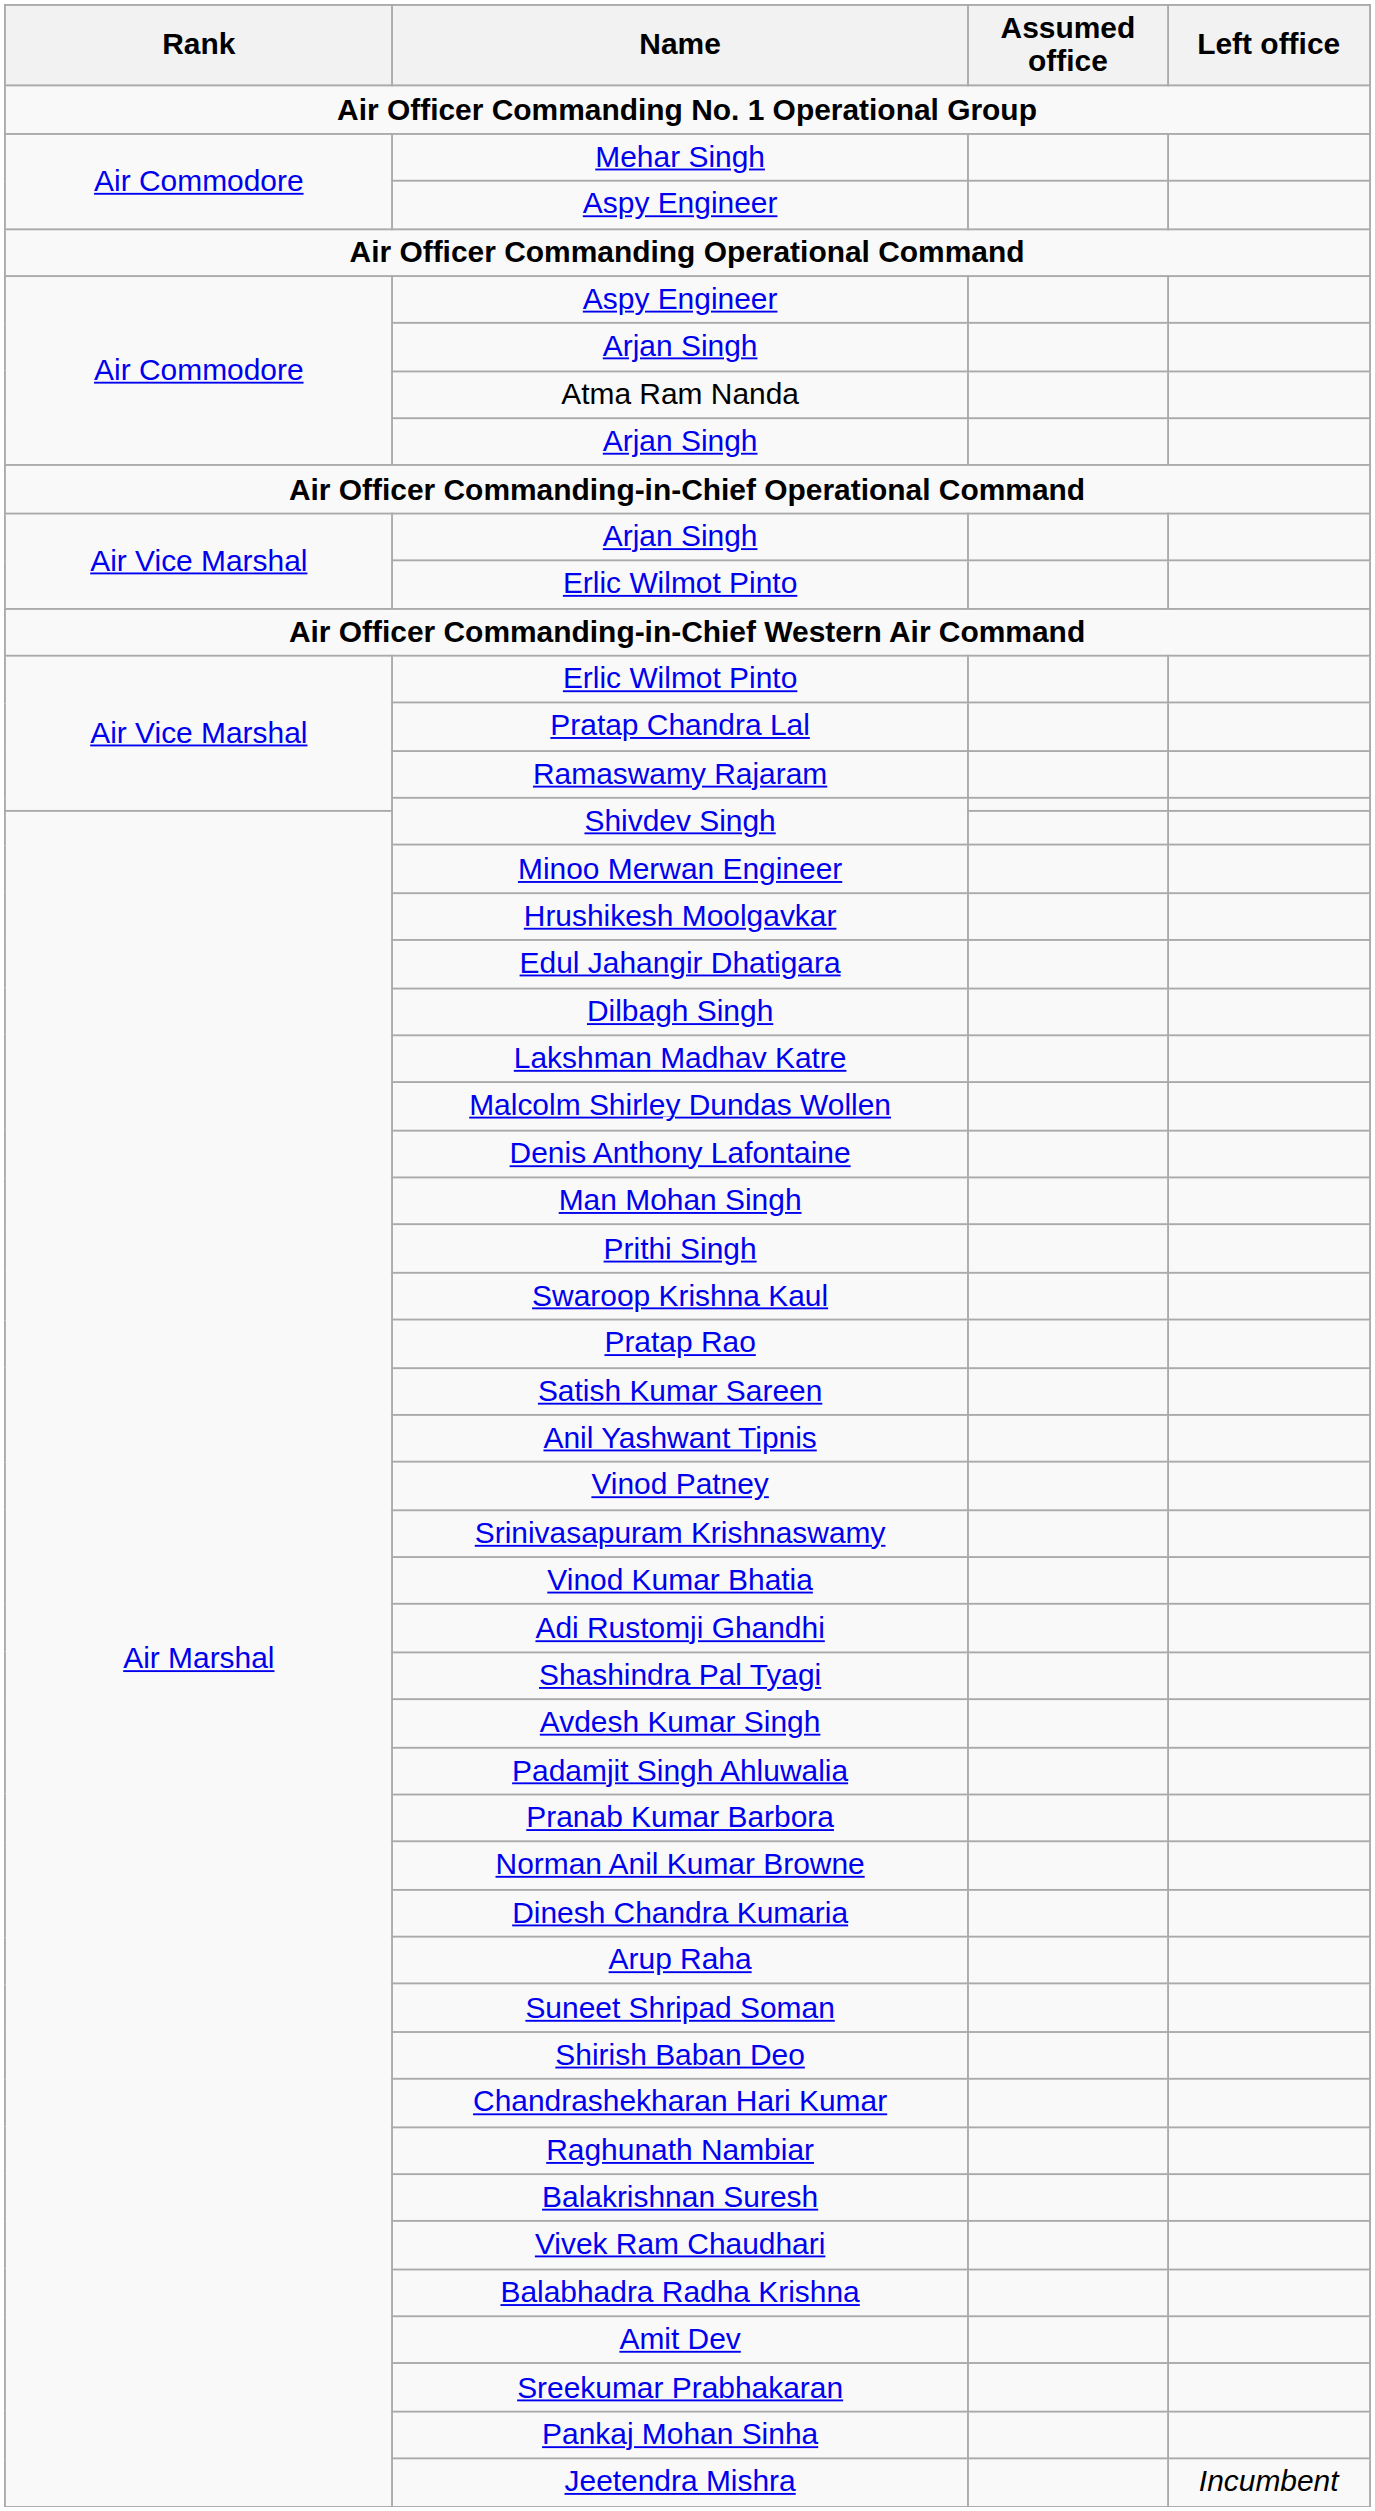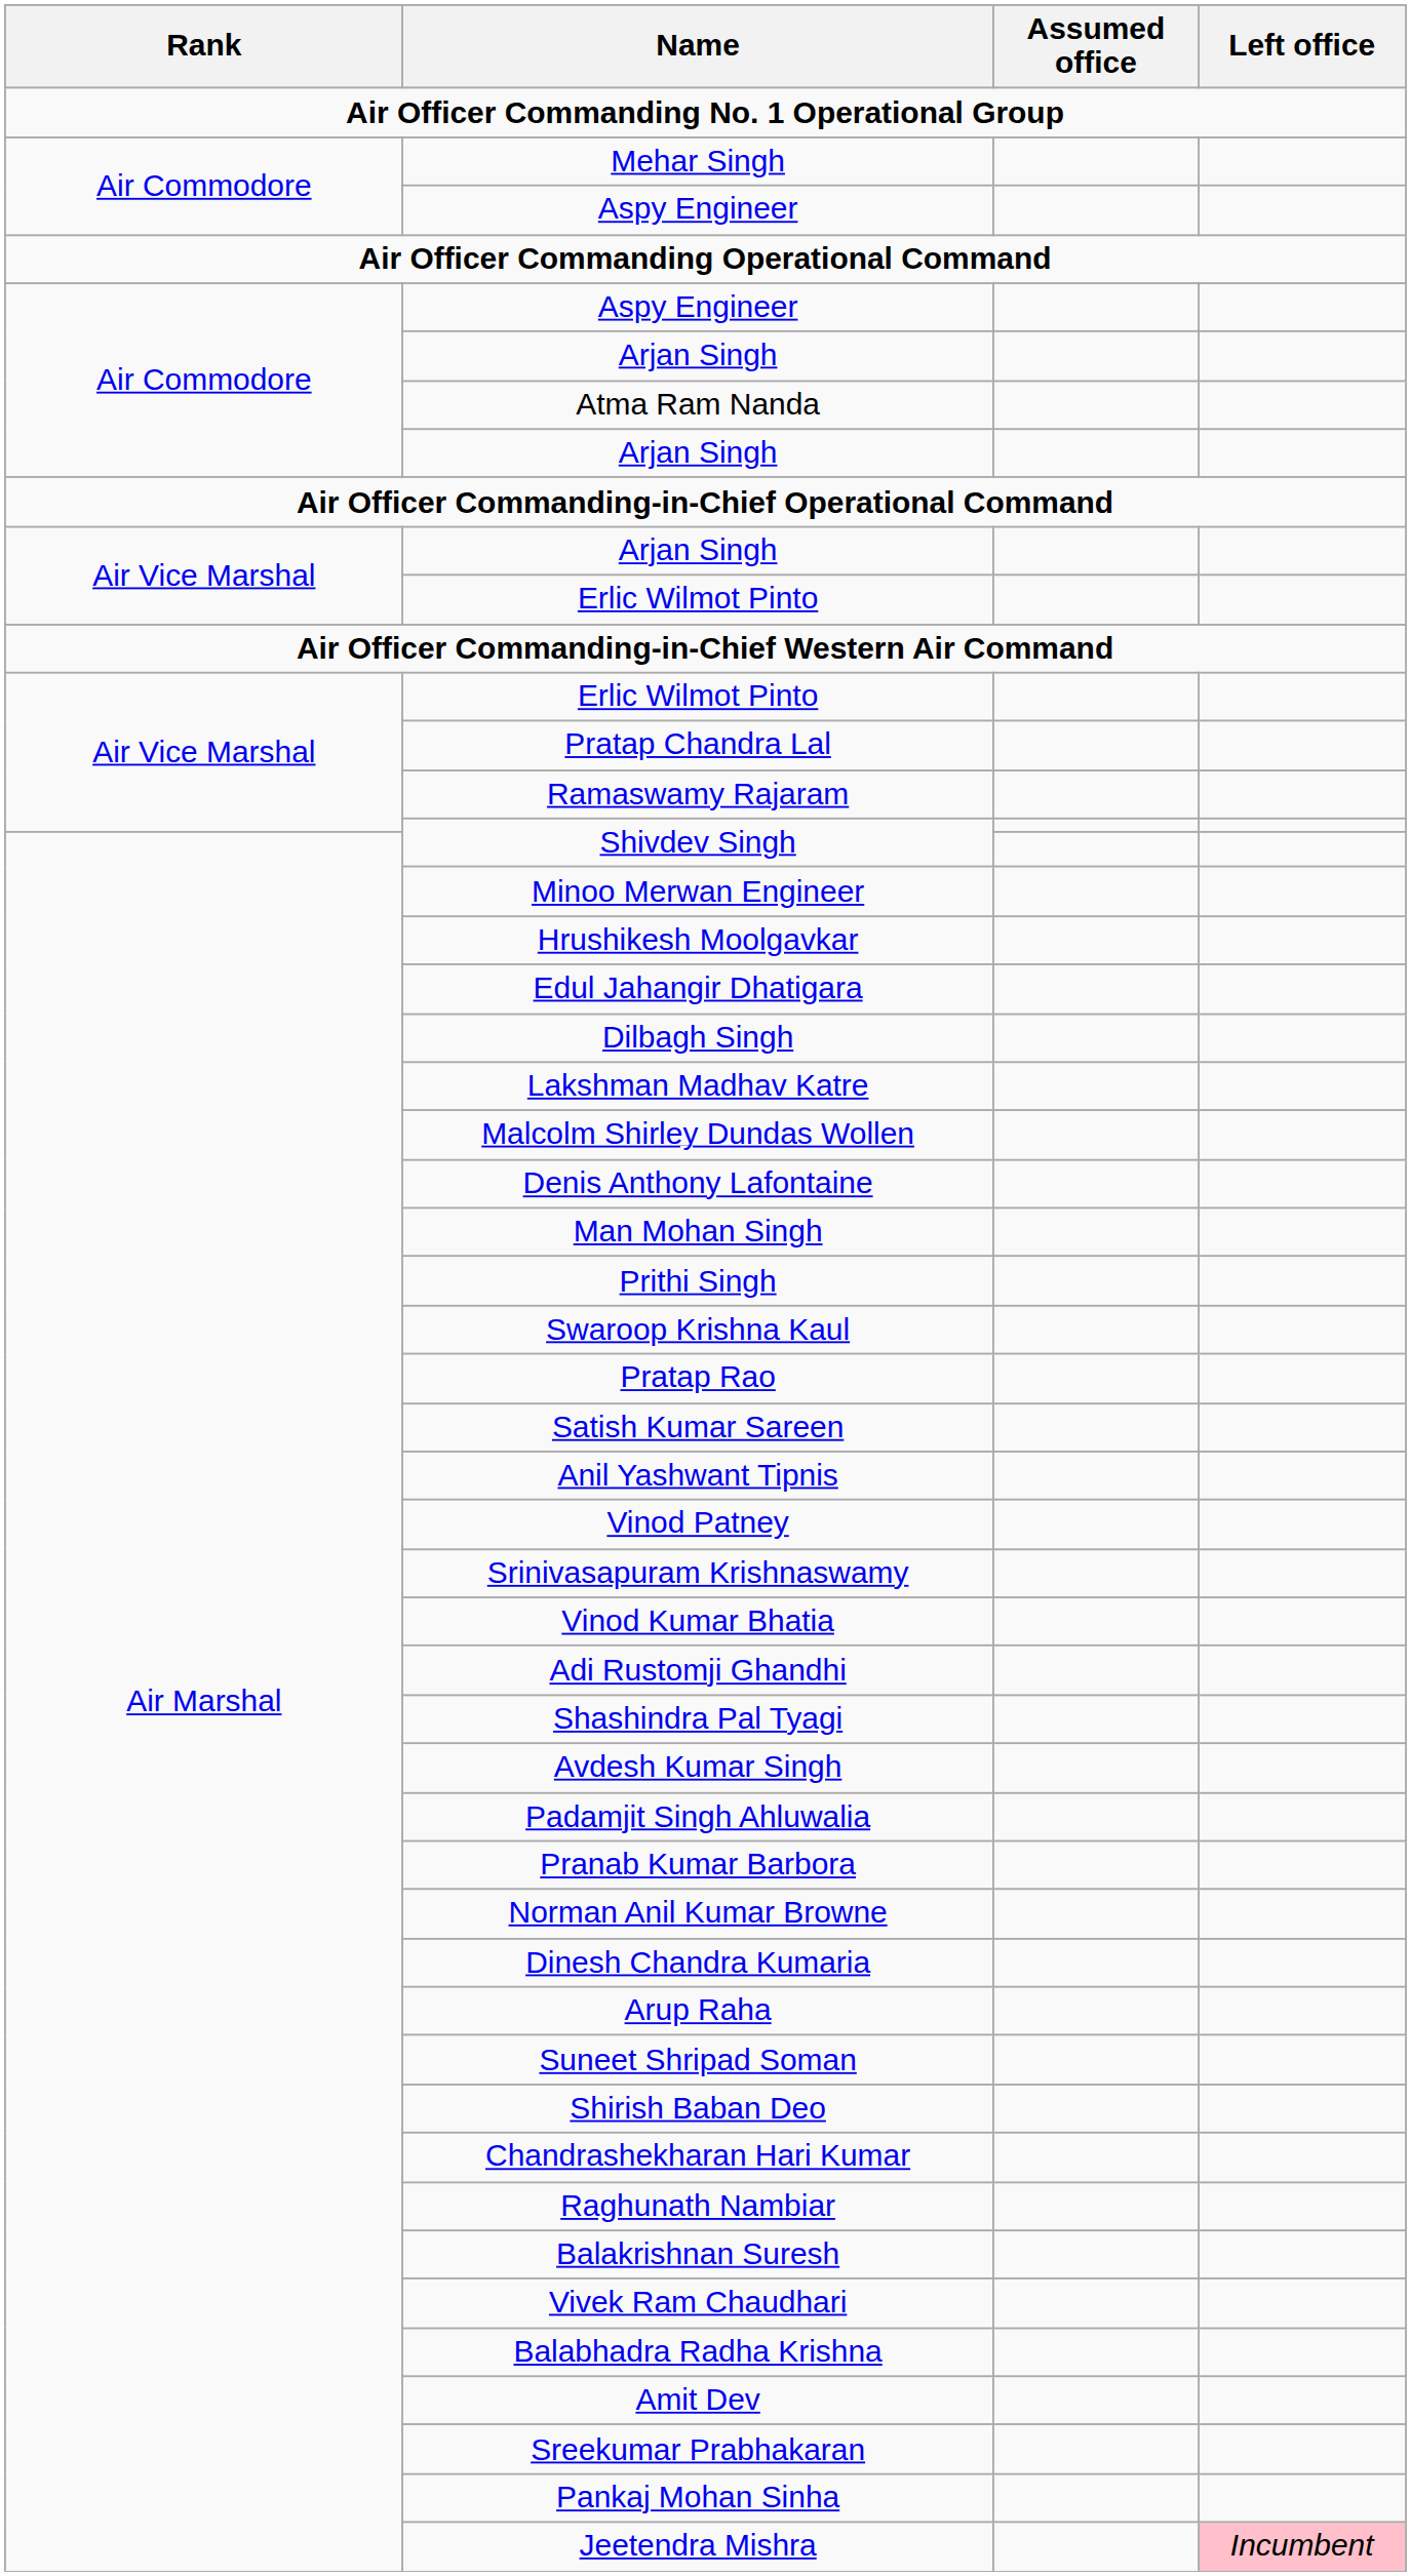 <table class="wikitable" style="text-align:center">
 <tr style="background:#cccccc">
 <th scope="col" style="width: 200px;">Rank</th>
 <th scope="col" style="width: 300px;">Name</th>
 <th scope="col" style="width: 100px;">Assumed office</th>
 <th scope="col" style="width: 100px;">Left office</th>
 </tr>
 <tr>
 <td colspan="4"><strong>Air Officer Commanding No. 1 Operational Group</strong></td>
 </tr>
 <tr>
 <td rowspan="2"><a href='#'>Air Commodore</a></td>
 <td><a href='#'>Mehar Singh</a></td>
 <td></td>
 <td></td>
 </tr>
 <tr>
 <td><a href='#'>Aspy Engineer</a></td>
 <td></td>
 <td></td>
 </tr>
 <tr>
 <td colspan="4"><strong>Air Officer Commanding Operational Command</strong></td>
 </tr>
 <tr>
 <td rowspan="4"><a href='#'>Air Commodore</a></td>
 <td><a href='#'>Aspy Engineer</a></td>
 <td></td>
 <td></td>
 </tr>
 <tr>
 <td><a href='#'>Arjan Singh</a></td>
 <td></td>
 <td></td>
 </tr>
 <tr>
 <td>Atma Ram Nanda</td>
 <td></td>
 <td></td>
 </tr>
 <tr>
 <td><a href='#'>Arjan Singh</a></td>
 <td></td>
 <td></td>
 </tr>
 <tr>
 <td colspan="4"><strong>Air Officer Commanding-in-Chief Operational Command</strong></td>
 </tr>
 <tr>
 <td rowspan="2"><a href='#'>Air Vice Marshal</a></td>
 <td><a href='#'>Arjan Singh</a></td>
 <td></td>
 <td></td>
 </tr>
 <tr>
 <td><a href='#'>Erlic Wilmot Pinto</a></td>
 <td></td>
 <td></td>
 </tr>
 <tr>
 <td colspan="4"><strong>Air Officer Commanding-in-Chief Western Air Command</strong></td>
 </tr>
 <tr>
 <td rowspan="4"><a href='#'>Air Vice Marshal</a></td>
 <td><a href='#'>Erlic Wilmot Pinto</a></td>
 <td></td>
 <td></td>
 </tr>
 <tr>
 <td><a href='#'>Pratap Chandra Lal</a></td>
 <td></td>
 <td></td>
 </tr>
 <tr>
 <td><a href='#'>Ramaswamy Rajaram</a></td>
 <td></td>
 <td></td>
 </tr>
 <tr>
 <td rowspan='2'><a href='#'>Shivdev Singh</a></td>
 <td></td>
 <td></td>
 </tr>
 <tr>
 <td rowspan="36"><a href='#'>Air Marshal</a></td>
 <td></td>
 <td></td>
 </tr>
 <tr>
 <td><a href='#'>Minoo Merwan Engineer</a></td>
 <td></td>
 <td></td>
 </tr>
 <tr>
 <td><a href='#'>Hrushikesh Moolgavkar</a></td>
 <td></td>
 <td></td>
 </tr>
 <tr>
 <td><a href='#'>Edul Jahangir Dhatigara</a></td>
 <td></td>
 <td></td>
 </tr>
 <tr>
 <td><a href='#'>Dilbagh Singh</a></td>
 <td></td>
 <td></td>
 </tr>
 <tr>
 <td><a href='#'>Lakshman Madhav Katre</a></td>
 <td></td>
 <td></td>
 </tr>
 <tr>
 <td><a href='#'>Malcolm Shirley Dundas Wollen</a></td>
 <td></td>
 <td></td>
 </tr>
 <tr>
 <td><a href='#'>Denis Anthony Lafontaine</a></td>
 <td></td>
 <td></td>
 </tr>
 <tr>
 <td><a href='#'>Man Mohan Singh</a></td>
 <td></td>
 <td></td>
 </tr>
 <tr>
 <td><a href='#'>Prithi Singh</a></td>
 <td></td>
 <td></td>
 </tr>
 <tr>
 <td><a href='#'>Swaroop Krishna Kaul</a></td>
 <td></td>
 <td></td>
 </tr>
 <tr>
 <td><a href='#'>Pratap Rao</a></td>
 <td></td>
 <td></td>
 </tr>
 <tr>
 <td><a href='#'>Satish Kumar Sareen</a></td>
 <td></td>
 <td></td>
 </tr>
 <tr>
 <td><a href='#'>Anil Yashwant Tipnis</a></td>
 <td></td>
 <td></td>
 </tr>
 <tr>
 <td><a href='#'>Vinod Patney</a></td>
 <td></td>
 <td></td>
 </tr>
 <tr>
 <td><a href='#'>Srinivasapuram Krishnaswamy</a></td>
 <td></td>
 <td></td>
 </tr>
 <tr>
 <td><a href='#'>Vinod Kumar Bhatia</a></td>
 <td></td>
 <td></td>
 </tr>
 <tr>
 <td><a href='#'>Adi Rustomji Ghandhi</a></td>
 <td></td>
 <td></td>
 </tr>
 <tr>
 <td><a href='#'>Shashindra Pal Tyagi</a></td>
 <td></td>
 <td></td>
 </tr>
 <tr>
 <td><a href='#'>Avdesh Kumar Singh</a></td>
 <td></td>
 <td></td>
 </tr>
 <tr>
 <td><a href='#'>Padamjit Singh Ahluwalia</a></td>
 <td></td>
 <td></td>
 </tr>
 <tr>
 <td><a href='#'>Pranab Kumar Barbora</a></td>
 <td></td>
 <td></td>
 </tr>
 <tr>
 <td><a href='#'>Norman Anil Kumar Browne</a></td>
 <td></td>
 <td></td>
 </tr>
 <tr>
 <td><a href='#'>Dinesh Chandra Kumaria</a></td>
 <td></td>
 <td></td>
 </tr>
 <tr>
 <td><a href='#'>Arup Raha</a></td>
 <td></td>
 <td></td>
 </tr>
 <tr>
 <td><a href='#'>Suneet Shripad Soman</a></td>
 <td></td>
 <td></td>
 </tr>
 <tr>
 <td><a href='#'>Shirish Baban Deo</a></td>
 <td></td>
 <td></td>
 </tr>
 <tr>
 <td><a href='#'>Chandrashekharan Hari Kumar</a></td>
 <td></td>
 <td></td>
 </tr>
 <tr>
 <td><a href='#'>Raghunath Nambiar</a></td>
 <td></td>
 <td></td>
 </tr>
 <tr>
 <td><a href='#'>Balakrishnan Suresh</a></td>
 <td></td>
 <td></td>
 </tr>
 <tr>
 <td><a href='#'>Vivek Ram Chaudhari</a></td>
 <td></td>
 <td></td>
 </tr>
 <tr>
 <td><a href='#'>Balabhadra Radha Krishna </a></td>
 <td></td>
 <td></td>
 </tr>
 <tr>
 <td><a href='#'>Amit Dev</a></td>
 <td></td>
 <td></td>
 </tr>
 <tr>
 <td><a href='#'>Sreekumar Prabhakaran</a></td>
 <td></td>
 <td></td>
 </tr>
 <tr>
 <td><a href='#'>Pankaj Mohan Sinha</a></td>
 <td></td>
 <td></td>
 </tr>
 <tr>
 <td><a href='#'>Jeetendra Mishra</a></td>
 <td></td>
-<td><em>Incumbent</em></td>
+<td style="background: pink;"><em>Incumbent</em></td>
 </tr>
 </table>
